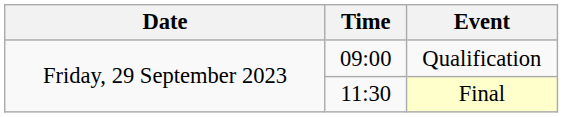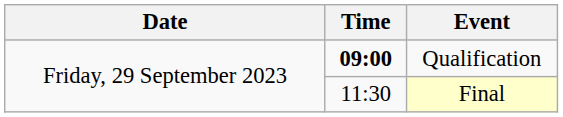 <table class = "wikitable" style="text-align:center;">
 <tr>
 <th width=220>Date</th>
 <th width=50>Time</th>
 <th width=100>Event</th>
 </tr>
 <tr>
 <td rowspan=2>Friday, 29 September 2023</td>
-<td>09:00</td>
+<td><strong>09:00</strong></td>
 <td>Qualification</td>
 </tr>
 <tr>
 <td>11:30</td>
 <td bgcolor=ffffcc>Final</td>
 </tr>
 </table>
